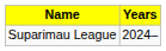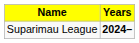 <table class="wikitable">
 <tr>
 <th style="background:yellow ">Name</th>
 <th style="background:yellow ">Years</th>
 </tr>
 <tr>
 <td>Suparimau League</td>
-<td>2024–</td>
+<td><strong>2024–</strong></td>
 </tr>
 </table>
